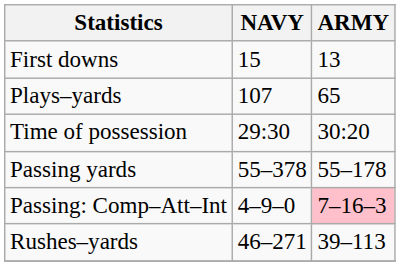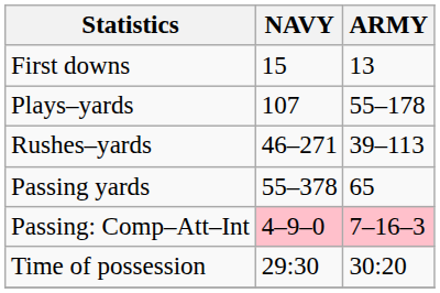 <table class="wikitable" style="float: left;">
 <tr>
 <th>Statistics</th>
 <th>NAVY</th>
 <th>ARMY</th>
 </tr>
 <tr>
 <td>First downs</td>
 <td>15</td>
 <td>13</td>
 </tr>
 <tr>
 <td>Plays–yards</td>
 <td>107</td>
+<td>55–178</td>
+</tr>
+<tr>
+<td>Rushes–yards</td>
+<td>46–271</td>
+<td>39–113</td>
+</tr>
+<tr>
+<td>Passing yards</td>
+<td>55–378</td>
 <td>65</td>
+</tr>
+<tr>
+<td>Passing: Comp–Att–Int</td>
+<td style="background: pink;">4–9–0</td>
+<td style="background: pink;">7–16–3</td>
 </tr>
 <tr>
 <td>Time of possession</td>
 <td>29:30</td>
 <td>30:20</td>
 </tr>
 <tr>
-<td>Passing yards</td>
-<td>55–378</td>
-<td>55–178</td>
-</tr>
-<tr>
-<td>Passing: Comp–Att–Int</td>
-<td>4–9–0</td>
-<td style="background: pink;">7–16–3</td>
-</tr>
-<tr>
-<td>Rushes–yards</td>
-<td>46–271</td>
-<td>39–113</td>
-</tr>
-<tr>
 </tr>
 </table>
